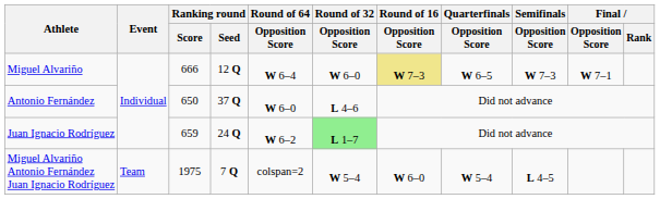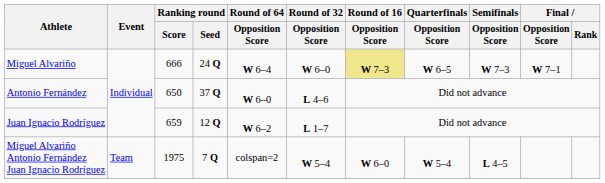 <table class="wikitable" style="font-size:90%">
 <tr>
 <th rowspan="2">Athlete</th>
 <th rowspan="2">Event</th>
 <th colspan="2">Ranking round</th>
 <th>Round of 64</th>
 <th>Round of 32</th>
 <th>Round of 16</th>
 <th>Quarterfinals</th>
 <th>Semifinals</th>
 <th colspan="2">Final / </th>
 </tr>
 <tr style="font-size:95%">
 <th>Score</th>
 <th>Seed</th>
 <th>Opposition<br>Score</th>
 <th>Opposition<br>Score</th>
 <th>Opposition<br>Score</th>
 <th>Opposition<br>Score</th>
 <th>Opposition<br>Score</th>
 <th>Opposition<br>Score</th>
 <th>Rank</th>
 </tr>
 <tr align=center>
 <td align=left><a href='#'>Miguel Alvariño</a></td>
 <td align=left rowspan=3><a href='#'>Individual</a></td>
 <td>666</td>
-<td>12 <strong>Q</strong></td>
+<td>24 <strong>Q</strong></td>
 <td><br><strong>W</strong> 6–4</td>
 <td><br><strong>W</strong> 6–0</td>
 <td style="background: khaki;"><br><strong>W</strong> 7–3</td>
 <td><br><strong>W</strong> 6–5</td>
 <td><br> <strong>W</strong> 7–3</td>
 <td><br> <strong>W</strong> 7–1</td>
 <td></td>
 </tr>
 <tr align=center>
 <td align=left><a href='#'>Antonio Fernández</a></td>
 <td>650</td>
 <td>37 <strong>Q</strong></td>
 <td><br><strong>W</strong> 6–0</td>
 <td><br><strong>L</strong> 4–6</td>
 <td colspan=5>Did not advance</td>
 </tr>
 <tr align=center>
 <td align=left><a href='#'>Juan Ignacio Rodríguez</a></td>
 <td>659</td>
-<td>24 <strong>Q</strong></td>
+<td>12 <strong>Q</strong></td>
 <td><br><strong>W</strong> 6–2</td>
-<td style="background: lightgreen;"><br><strong>L</strong> 1–7</td>
+<td><br><strong>L</strong> 1–7</td>
 <td colspan=5>Did not advance</td>
 </tr>
 <tr align=center>
 <td align=left><a href='#'>Miguel Alvariño</a><br><a href='#'>Antonio Fernández</a><br><a href='#'>Juan Ignacio Rodríguez</a></td>
 <td align=left><a href='#'>Team</a></td>
 <td>1975</td>
 <td>7 <strong>Q</strong></td>
 <td>colspan=2 </td>
 <td><br><strong>W</strong> 5–4</td>
 <td><br><strong>W</strong> 6–0</td>
 <td><br><strong>W</strong> 5–4</td>
 <td><br><strong>L</strong> 4–5</td>
 <td></td>
 </tr>
 </table>
